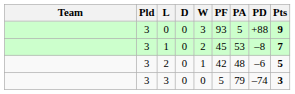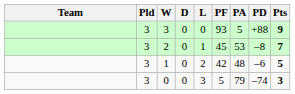 <table class="wikitable" style="text-align:center;">
 <tr>
 <th width=190>Team</th>
 <th width=20 abbr="Played">Pld</th>
+<th width=20 abbr="Won">W</th>
+<th width=20 abbr="Drawn">D</th>
 <th width=20 abbr="Lost">L</th>
-<th width=20 abbr="Drawn">D</th>
-<th width=20 abbr="Won">W</th>
 <th width=20 abbr="Points for">PF</th>
 <th width=20 abbr="Points against">PA</th>
 <th width=25 abbr="Points difference">PD</th>
 <th width=20 abbr="Points">Pts</th>
 </tr>
 <tr style="background:#ccffcc">
 <td align=left></td>
 <td>3</td>
+<td>3</td>
 <td>0</td>
 <td>0</td>
-<td>3</td>
 <td>93</td>
 <td>5</td>
 <td>+88</td>
 <td><strong>9</strong></td>
 </tr>
 <tr style="background:#ccffcc">
 <td align=left></td>
 <td>3</td>
+<td>2</td>
+<td>0</td>
 <td>1</td>
-<td>0</td>
-<td>2</td>
 <td>45</td>
 <td>53</td>
 <td>–8</td>
 <td><strong>7</strong></td>
 </tr>
 <tr>
 <td align=left></td>
 <td>3</td>
+<td>1</td>
+<td>0</td>
 <td>2</td>
-<td>0</td>
-<td>1</td>
 <td>42</td>
 <td>48</td>
 <td>–6</td>
 <td><strong>5</strong></td>
 </tr>
 <tr>
 <td align=left></td>
 <td>3</td>
-<td>3</td>
 <td>0</td>
 <td>0</td>
+<td>3</td>
 <td>5</td>
 <td>79</td>
 <td>–74</td>
 <td><strong>3</strong></td>
 </tr>
 </table>
